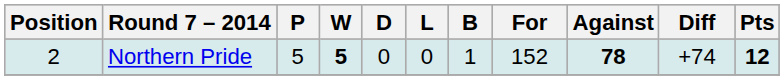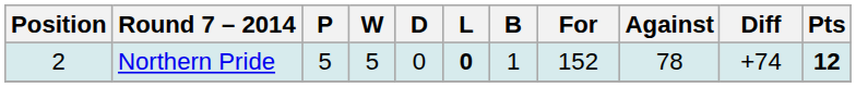 <table class="wikitable" style="text-align:center; font-size:85%;">
 <tr>
 <th width=40 abbr="Position">Position</th>
 <th width=100>Round 7 – 2014</th>
 <th width=20 abbr="Played">P</th>
 <th width=20 abbr="Won">W</th>
 <th width=20 abbr="Drawn">D</th>
 <th width=20 abbr="Lost">L</th>
 <th width=20 abbr="Bye">B</th>
 <th width=40 abbr="Points for">For</th>
 <th width=40 abbr="Points against">Against</th>
 <th width=40 abbr="Points difference">Diff</th>
 <th width=20 abbr="Points">Pts</th>
 </tr>
 <tr style="background: #d7ebed;">
 <td>2</td>
 <td style="text-align:left;"> <a href='#'>Northern Pride</a></td>
 <td>5</td>
-<td><strong>5</strong></td>
+<td>5</td>
 <td>0</td>
-<td>0</td>
+<td><strong>0</strong></td>
 <td>1</td>
 <td>152</td>
-<td><strong>78</strong></td>
+<td>78</td>
 <td>+74</td>
 <td><strong>12</strong></td>
 </tr>
 <tr>
 </tr>
 </table>
